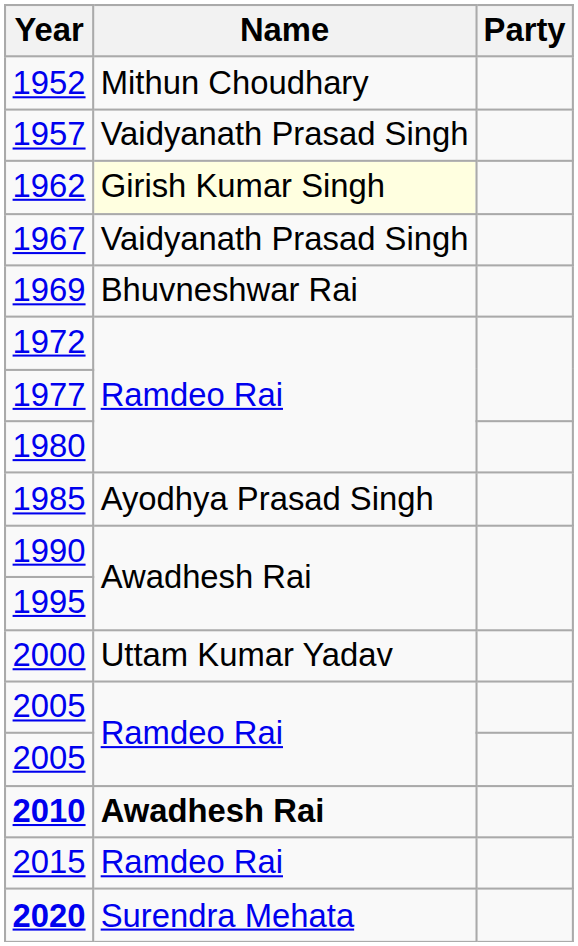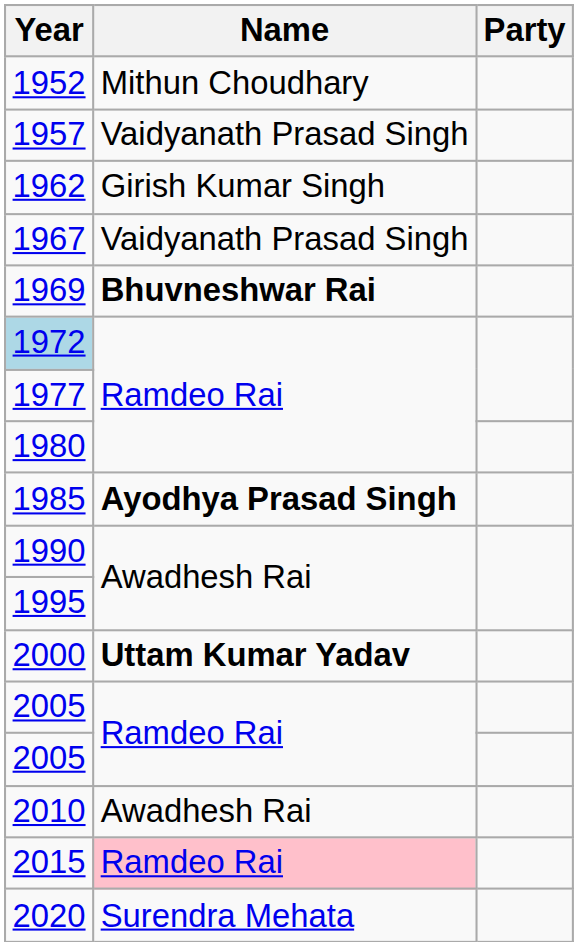 <table class="wikitable sortable">
 <tr>
 <th>Year</th>
 <th>Name</th>
 <th colspan="2">Party</th>
 </tr>
 <tr>
 <td><a href='#'>1952</a></td>
 <td>Mithun Choudhary</td>
 <td></td>
 </tr>
 <tr>
 <td><a href='#'>1957</a></td>
 <td>Vaidyanath Prasad Singh</td>
 <td></td>
 </tr>
 <tr>
 <td><a href='#'>1962</a></td>
-<td style="background: lightyellow;">Girish Kumar Singh</td>
+<td>Girish Kumar Singh</td>
 <td></td>
 </tr>
 <tr>
 <td><a href='#'>1967</a></td>
 <td>Vaidyanath Prasad Singh</td>
 <td></td>
 </tr>
 <tr>
 <td><a href='#'>1969</a></td>
-<td>Bhuvneshwar Rai</td>
+<td><strong>Bhuvneshwar Rai</strong></td>
 <td></td>
 </tr>
 <tr>
-<td><a href='#'>1972</a></td>
+<td style="background: lightblue;"><a href='#'>1972</a></td>
 <td rowspan="3"><a href='#'>Ramdeo Rai</a></td>
 </tr>
 <tr>
 <td><a href='#'>1977</a></td>
 </tr>
 <tr>
 <td><a href='#'>1980</a></td>
 <td></td>
 </tr>
 <tr>
 <td><a href='#'>1985</a></td>
-<td>Ayodhya Prasad Singh</td>
+<td><strong>Ayodhya Prasad Singh</strong></td>
 <td></td>
 </tr>
 <tr>
 <td><a href='#'>1990</a></td>
 <td rowspan="2">Awadhesh Rai</td>
 </tr>
 <tr>
 <td><a href='#'>1995</a></td>
 </tr>
 <tr>
 <td><a href='#'>2000</a></td>
-<td>Uttam Kumar Yadav</td>
+<td><strong>Uttam Kumar Yadav</strong></td>
 <td></td>
 </tr>
 <tr>
 <td><a href='#'>2005</a></td>
 <td rowspan="2"><a href='#'>Ramdeo Rai</a></td>
 <td></td>
 </tr>
 <tr>
 <td><a href='#'>2005</a></td>
 <td></td>
 </tr>
 <tr>
-<td><strong><a href='#'>2010</a></strong></td>
-<td><strong>Awadhesh Rai</strong></td>
+<td><a href='#'>2010</a></td>
+<td>Awadhesh Rai</td>
 <td></td>
 </tr>
 <tr>
 <td><a href='#'>2015</a></td>
-<td><a href='#'>Ramdeo Rai</a></td>
+<td style="background: pink;"><a href='#'>Ramdeo Rai</a></td>
 <td></td>
 </tr>
 <tr>
-<td><strong><a href='#'>2020</a></strong></td>
+<td><a href='#'>2020</a></td>
 <td><a href='#'>Surendra Mehata</a></td>
 <td></td>
 </tr>
 </table>
